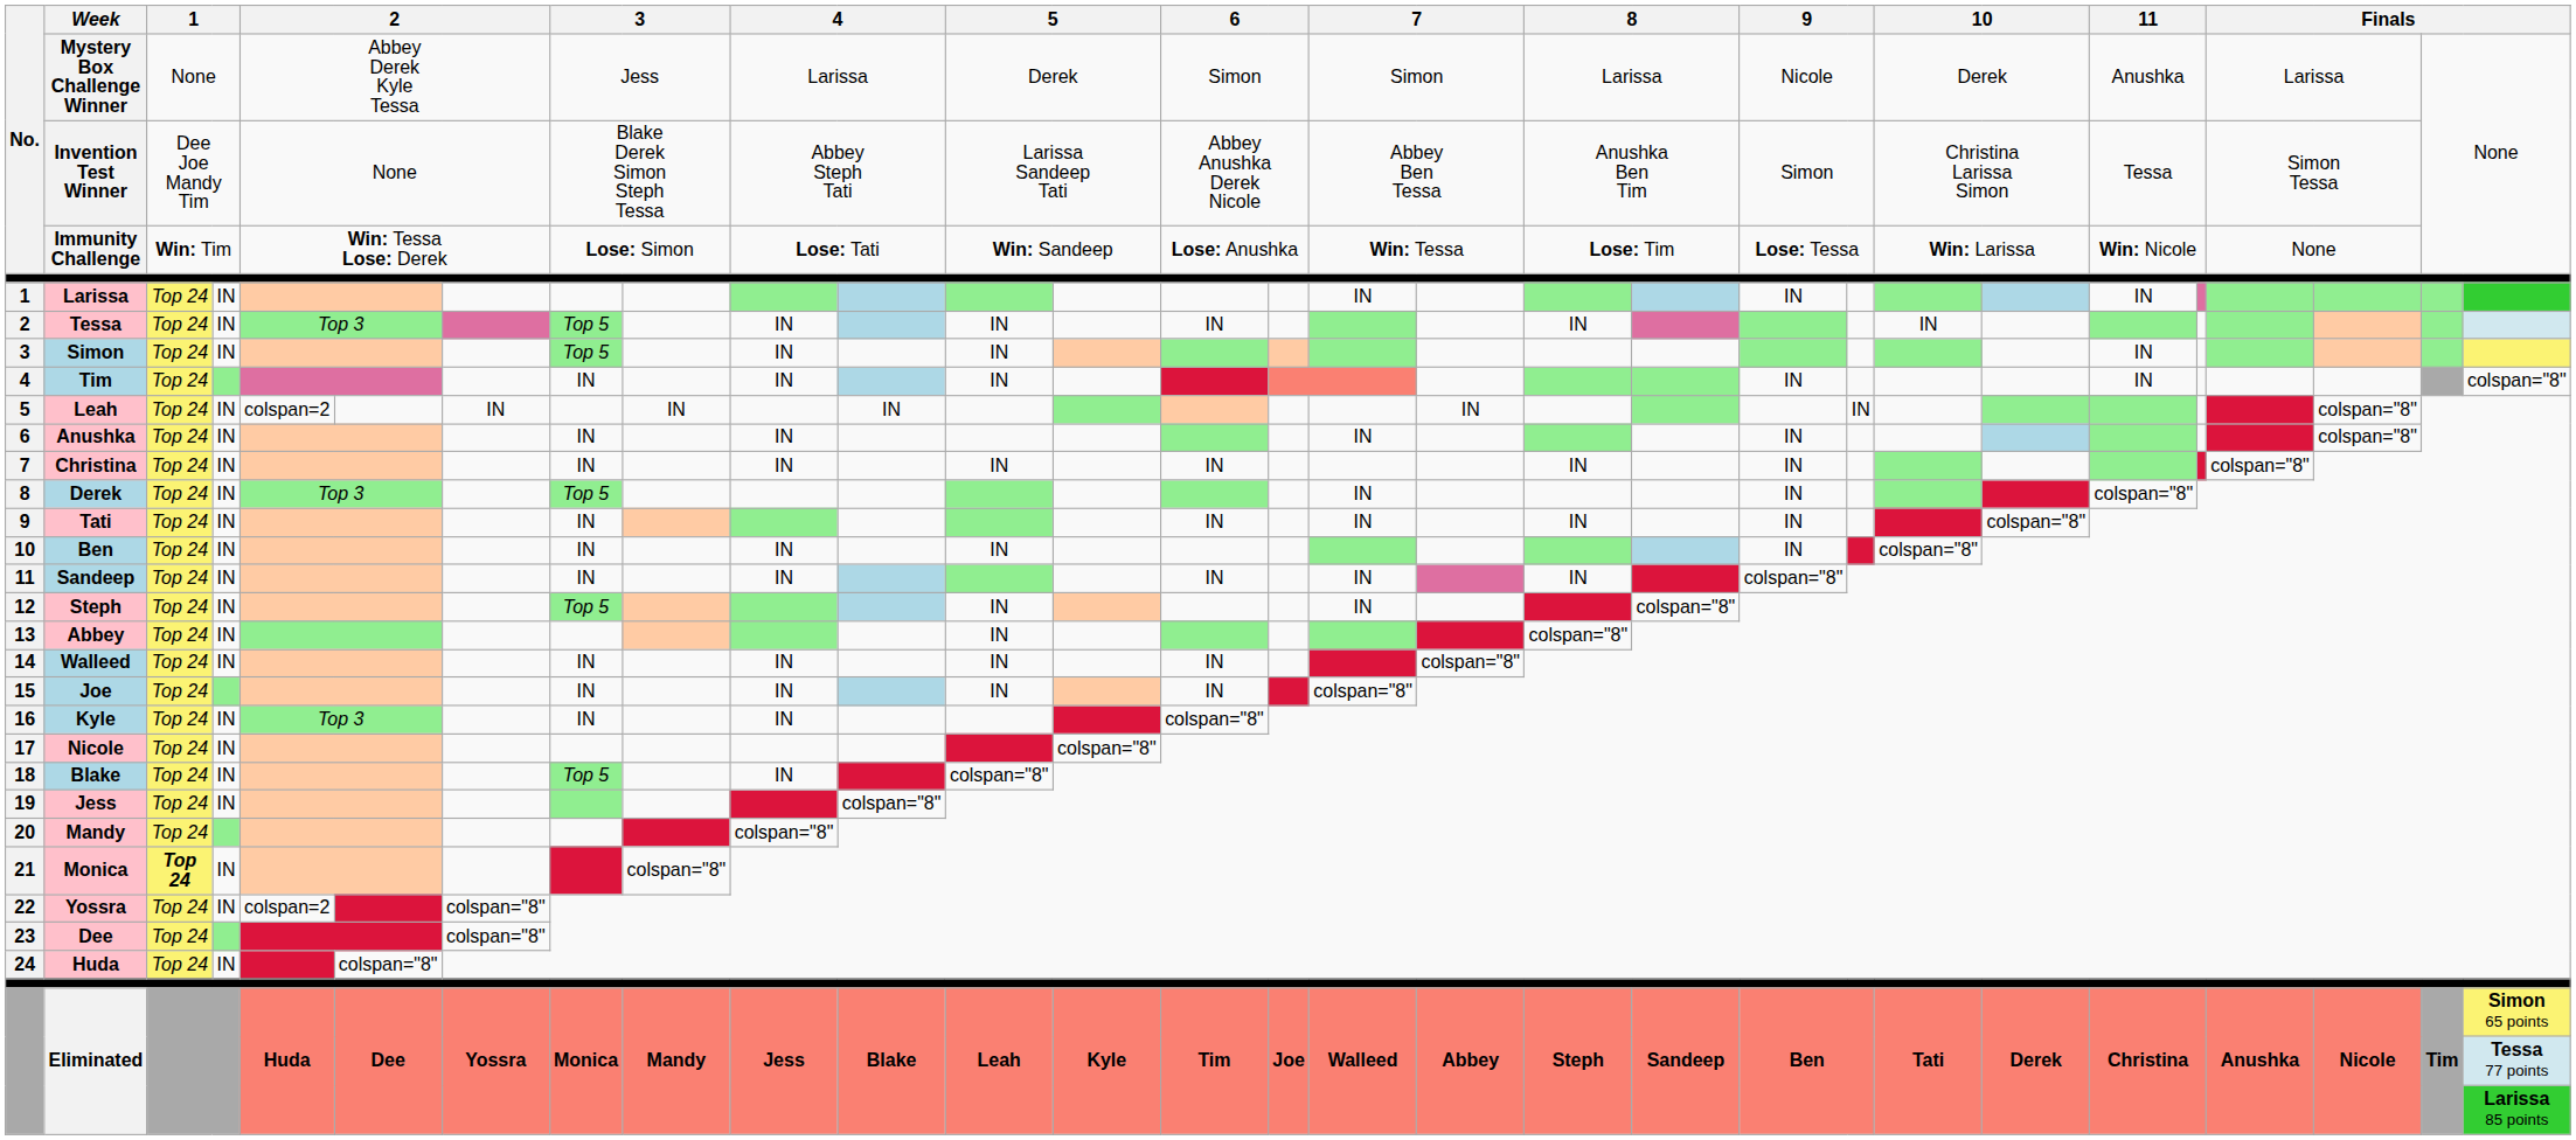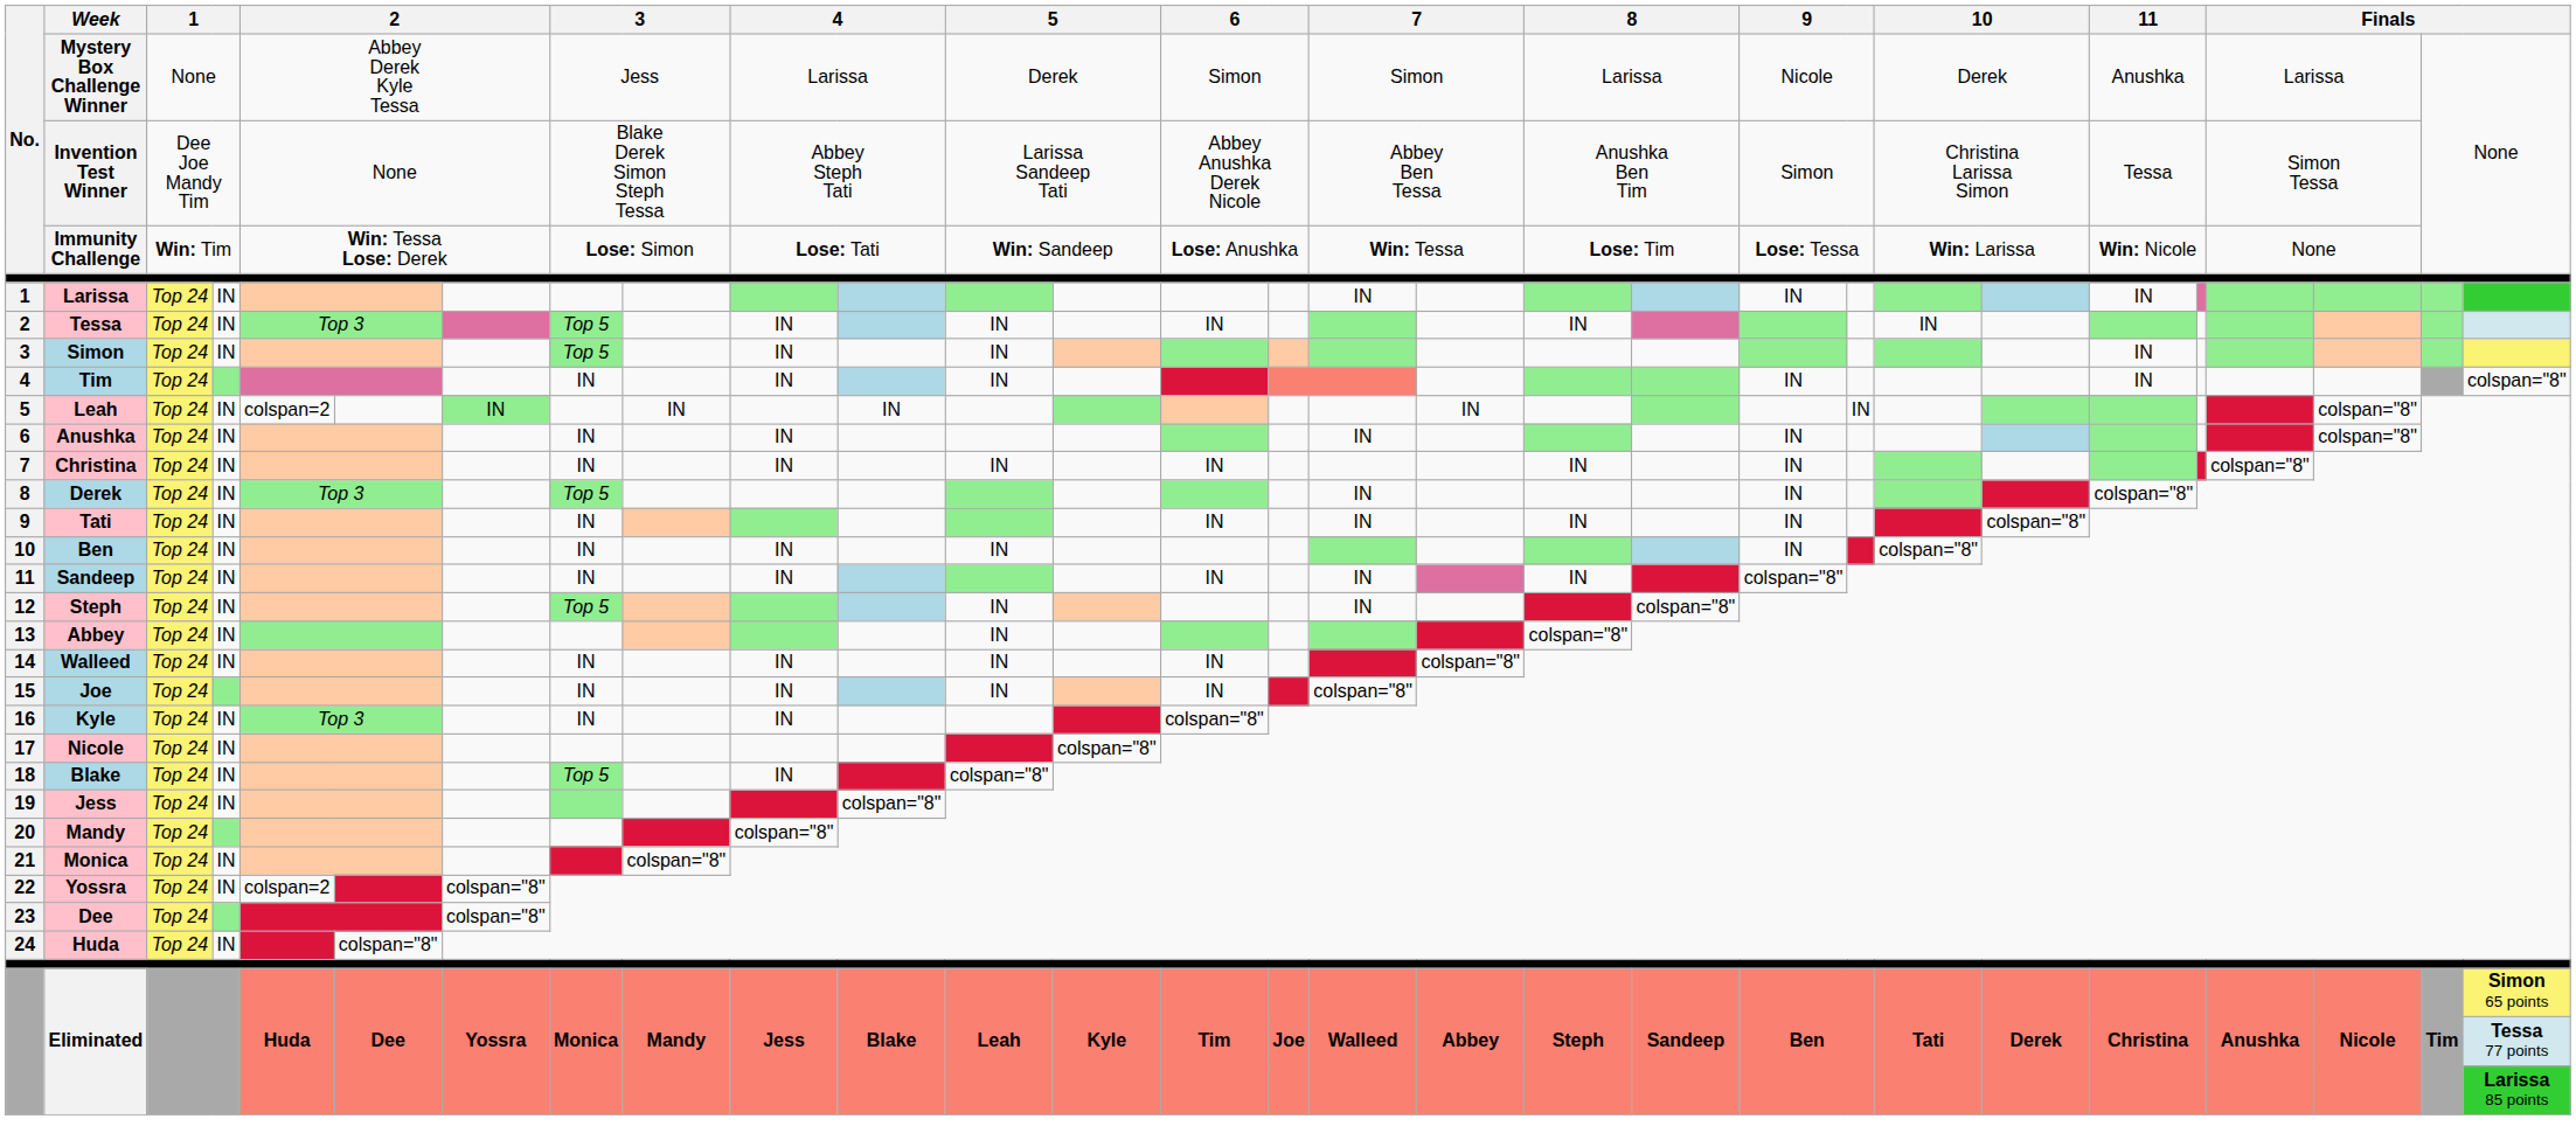 <table class="wikitable" style="text-align:center; width:120px; font-size:90%; line-height:15px">
 <tr>
 <th rowspan="4">No.</th>
 <th><em>Week</em></th>
 <th colspan=2>1</th>
 <th colspan=3>2</th>
 <th colspan=2>3</th>
 <th colspan=2>4</th>
 <th colspan=2>5</th>
 <th colspan=2>6</th>
 <th colspan=2>7</th>
 <th colspan=2>8</th>
 <th colspan=2>9</th>
 <th colspan=2>10</th>
 <th colspan=2>11</th>
 <th colspan="4">Finals</th>
 </tr>
 <tr>
 <th>Mystery<br>Box<br>Challenge<br>Winner</th>
 <td colspan=2>None</td>
 <td colspan=3>Abbey<br>Derek<br>Kyle<br>Tessa</td>
 <td colspan=2>Jess</td>
 <td colspan=2>Larissa</td>
 <td colspan=2>Derek</td>
 <td colspan=2>Simon</td>
 <td colspan=2>Simon</td>
 <td colspan=2>Larissa</td>
 <td colspan=2>Nicole</td>
 <td colspan=2>Derek</td>
 <td colspan=2>Anushka</td>
 <td colspan=2>Larissa</td>
 <td colspan="2" rowspan="3">None</td>
 </tr>
 <tr>
 <th>Invention<br>Test<br>Winner</th>
 <td colspan=2>Dee<br>Joe<br>Mandy<br>Tim</td>
 <td colspan=3>None</td>
 <td colspan=2>Blake<br>Derek<br>Simon<br>Steph<br>Tessa</td>
 <td colspan=2>Abbey<br>Steph<br>Tati</td>
 <td colspan=2>Larissa<br>Sandeep<br>Tati</td>
 <td colspan=2>Abbey<br>Anushka<br>Derek<br>Nicole</td>
 <td colspan=2>Abbey<br>Ben<br>Tessa</td>
 <td colspan=2>Anushka<br>Ben<br>Tim</td>
 <td colspan=2>Simon</td>
 <td colspan=2>Christina<br> Larissa <br>Simon</td>
 <td colspan=2>Tessa</td>
 <td colspan=2>Simon<br>Tessa</td>
 </tr>
 <tr>
 <th>Immunity<br>Challenge</th>
 <td colspan=2><strong>Win:</strong> Tim</td>
 <td colspan=3><strong>Win:</strong> Tessa<br><strong>Lose:</strong> Derek</td>
 <td colspan=2><strong>Lose:</strong> Simon</td>
 <td colspan=2><strong>Lose:</strong> Tati</td>
 <td colspan=2><strong>Win:</strong> Sandeep</td>
 <td colspan=2><strong>Lose:</strong> Anushka</td>
 <td colspan=2><strong>Win:</strong> Tessa</td>
 <td colspan=2><strong>Lose:</strong> Tim</td>
 <td colspan=2><strong>Lose:</strong> Tessa</td>
 <td colspan=2><strong>Win:</strong> Larissa</td>
 <td colspan=2><strong>Win:</strong> Nicole</td>
 <td colspan=2>None</td>
 </tr>
 <tr>
 <td style="background:black;" colspan="29"></td>
 </tr>
 <tr>
 <th>1</th>
 <th style="background:#FFC0CB;">Larissa</th>
 <td style="background:#fbf373;"><em>Top 24</em></td>
 <td>IN</td>
 <td colspan="2" style="background:#FFCBA4;"></td>
 <td></td>
 <td></td>
 <td></td>
 <td style="background:lightgreen;"></td>
 <td style="background:lightblue;"></td>
 <td style="background:lightgreen;"></td>
 <td></td>
 <td></td>
 <td></td>
 <td>IN</td>
 <td></td>
 <td style="background:lightgreen;"></td>
 <td style="background:lightblue;"></td>
 <td>IN</td>
 <td></td>
 <td style="background:lightgreen;"></td>
 <td style="background:lightblue;"></td>
 <td>IN</td>
 <td style="background:#de6fa1;"></td>
 <td style="background:lightgreen;"></td>
 <td style="background:lightgreen;"></td>
 <td style="background:lightgreen;"></td>
 <td style="background:limegreen;"></td>
 </tr>
 <tr>
 <th>2</th>
 <th style="background:#FFC0CB;">Tessa</th>
 <td nowrap="" style="background:#fbf373;"><em>Top 24</em></td>
 <td>IN</td>
 <td colspan="2" style="background:lightgreen;"><em>Top 3</em></td>
 <td style="background:#de6fa1;"></td>
 <td style="background:lightgreen;"><em>Top 5</em></td>
 <td></td>
 <td>IN</td>
 <td style="background:lightblue;"></td>
 <td>IN</td>
 <td></td>
 <td>IN</td>
 <td></td>
 <td style="background:lightgreen;"></td>
 <td></td>
 <td>IN</td>
 <td style="background:#de6fa1;"></td>
 <td style="background:lightgreen;"></td>
 <td></td>
 <td>IN</td>
 <td></td>
 <td style="background:lightgreen;"></td>
 <td></td>
 <td style="background:lightgreen;"></td>
 <td style="background:#FFCBA4;"></td>
 <td style="background:lightgreen;"></td>
 <td style="background:#d1e8ef;"></td>
 </tr>
 <tr>
 <th>3</th>
 <th style="background:#ADD8E6;">Simon</th>
 <td nowrap="" style="background:#fbf373;"><em>Top 24</em></td>
 <td>IN</td>
 <td colspan="2" style="background:#FFCBA4;"></td>
 <td></td>
 <td style="background:lightgreen;"><em>Top 5</em></td>
 <td></td>
 <td>IN</td>
 <td></td>
 <td>IN</td>
 <td style="background:#FFCBA4;"></td>
 <td style="background:lightgreen;"></td>
 <td style="background:#FFCBA4;"></td>
 <td style="background:lightgreen;"></td>
 <td></td>
 <td></td>
 <td></td>
 <td style="background:lightgreen;"></td>
 <td></td>
 <td style="background:lightgreen;"></td>
 <td></td>
 <td>IN</td>
 <td></td>
 <td style="background:lightgreen;"></td>
 <td style="background:#FFCBA4;"></td>
 <td style="background:lightgreen;"></td>
 <td style="background:#fbf373;"></td>
 </tr>
 <tr>
 <th>4</th>
 <th style="background:#ADD8E6;">Tim</th>
 <td nowrap="" style="background:#fbf373;"><em>Top 24</em></td>
 <td style="background:lightgreen;"></td>
 <td colspan="2" style="background:#de6fa1;"></td>
 <td></td>
 <td>IN</td>
 <td></td>
 <td>IN</td>
 <td style="background:lightblue;"></td>
 <td>IN</td>
 <td></td>
 <td style="background:crimson;"></td>
 <td bgcolor="#fa8072" colspan="2"></td>
 <td></td>
 <td style="background:lightgreen;"></td>
 <td style="background:lightgreen;"></td>
 <td>IN</td>
 <td></td>
 <td></td>
 <td></td>
 <td>IN</td>
 <td></td>
 <td></td>
 <td></td>
 <td style="background:darkgray;"></td>
 <td>colspan="8" </td>
 </tr>
 <tr>
 <th>5</th>
 <th style="background:#FFC0CB;">Leah</th>
 <td nowrap="" style="background:#fbf373;"><em>Top 24</em></td>
 <td>IN</td>
 <td>colspan=2 </td>
 <td></td>
-<td>IN</td>
+<td style="background: lightgreen;">IN</td>
 <td></td>
 <td>IN</td>
 <td></td>
 <td>IN</td>
 <td></td>
 <td style="background:lightgreen;"></td>
 <td style="background:#FFCBA4;"></td>
 <td></td>
 <td></td>
 <td>IN</td>
 <td></td>
 <td style="background:lightgreen;"></td>
 <td></td>
 <td>IN</td>
 <td></td>
 <td style="background:lightgreen;"></td>
 <td style="background:lightgreen;"></td>
 <td></td>
 <td style="background:crimson;"></td>
 <td>colspan="8" </td>
 </tr>
 <tr>
 <th>6</th>
 <th style="background:#FFC0CB;">Anushka</th>
 <td nowrap style="background:#fbf373;"><em>Top 24</em></td>
 <td>IN</td>
 <td colspan=2 style="background:#FFCBA4;"></td>
 <td></td>
 <td>IN</td>
 <td></td>
 <td>IN</td>
 <td></td>
 <td></td>
 <td></td>
 <td style="background:lightgreen;"></td>
 <td></td>
 <td>IN</td>
 <td></td>
 <td style="background:lightgreen;"></td>
 <td></td>
 <td>IN</td>
 <td></td>
 <td></td>
 <td style="background:lightblue;"></td>
 <td style="background:lightgreen;"></td>
 <td></td>
 <td style="background:crimson;"></td>
 <td>colspan="8" </td>
 </tr>
 <tr>
 <th>7</th>
 <th style="background:#FFC0CB;">Christina</th>
 <td style="background:#fbf373;"><em>Top 24</em></td>
 <td>IN</td>
 <td colspan=2 style="background:#FFCBA4;"></td>
 <td></td>
 <td>IN</td>
 <td></td>
 <td>IN</td>
 <td></td>
 <td>IN</td>
 <td></td>
 <td>IN</td>
 <td></td>
 <td></td>
 <td></td>
 <td>IN</td>
 <td></td>
 <td>IN</td>
 <td></td>
 <td style="background:lightgreen;"></td>
 <td></td>
 <td style="background:lightgreen;"></td>
 <td style="background:crimson;"></td>
 <td>colspan="8" </td>
 </tr>
 <tr>
 <th>8</th>
 <th style="background:#ADD8E6;">Derek</th>
 <td style="background:#fbf373;"><em>Top 24</em></td>
 <td>IN</td>
 <td colspan=2 style="background:lightgreen;"><em>Top 3</em></td>
 <td></td>
 <td style="background:lightgreen;"><em>Top 5</em></td>
 <td></td>
 <td></td>
 <td></td>
 <td style="background:lightgreen;"></td>
 <td></td>
 <td style="background:lightgreen;"></td>
 <td></td>
 <td>IN</td>
 <td></td>
 <td></td>
 <td></td>
 <td>IN</td>
 <td></td>
 <td style="background:lightgreen;"></td>
 <td style="background:crimson;"></td>
 <td>colspan="8" </td>
 </tr>
 <tr>
 <th>9</th>
 <th style="background:#FFC0CB;">Tati</th>
 <td style="background:#fbf373;"><em>Top 24</em></td>
 <td>IN</td>
 <td colspan="2" style="background:#FFCBA4;"></td>
 <td></td>
 <td>IN</td>
 <td style="background:#FFCBA4;"></td>
 <td style="background:lightgreen;"></td>
 <td></td>
 <td style="background:lightgreen;"></td>
 <td></td>
 <td>IN</td>
 <td></td>
 <td>IN</td>
 <td></td>
 <td>IN</td>
 <td></td>
 <td>IN</td>
 <td></td>
 <td style="background:crimson;"></td>
 <td>colspan="8" </td>
 </tr>
 <tr>
 <th>10</th>
 <th style="background:#ADD8E6;">Ben</th>
 <td nowrap style="background:#fbf373;"><em>Top 24</em></td>
 <td>IN</td>
 <td colspan=2 style="background:#FFCBA4;"></td>
 <td></td>
 <td>IN</td>
 <td></td>
 <td>IN</td>
 <td></td>
 <td>IN</td>
 <td></td>
 <td></td>
 <td></td>
 <td style="background:lightgreen;"></td>
 <td></td>
 <td style="background:lightgreen;"></td>
 <td style="background:lightblue;"></td>
 <td>IN</td>
 <td style="background:crimson;"></td>
 <td>colspan="8" </td>
 </tr>
 <tr>
 <th>11</th>
 <th style="background:#ADD8E6;">Sandeep</th>
 <td style="background:#fbf373;"><em>Top 24</em></td>
 <td>IN</td>
 <td colspan=2 style="background:#FFCBA4;"></td>
 <td></td>
 <td>IN</td>
 <td></td>
 <td>IN</td>
 <td style="background:lightblue;"></td>
 <td style="background:lightgreen;"></td>
 <td></td>
 <td>IN</td>
 <td></td>
 <td>IN</td>
 <td style="background:#de6fa1;"></td>
 <td>IN</td>
 <td style="background:crimson;"></td>
 <td>colspan="8" </td>
 </tr>
 <tr>
 <th>12</th>
 <th style="background:#FFC0CB;">Steph</th>
 <td style="background:#fbf373;"><em>Top 24</em></td>
 <td>IN</td>
 <td colspan=2 style="background:#FFCBA4;"></td>
 <td></td>
 <td style="background:lightgreen;"><em>Top 5</em></td>
 <td style="background:#FFCBA4;"></td>
 <td style="background:lightgreen;"></td>
 <td style="background:lightblue;"></td>
 <td>IN</td>
 <td style="background:#FFCBA4;"></td>
 <td></td>
 <td></td>
 <td>IN</td>
 <td></td>
 <td style="background:crimson;"></td>
 <td>colspan="8" </td>
 </tr>
 <tr>
 <th>13</th>
 <td style="background:#FFC0CB;"><strong>Abbey</strong></td>
 <td style="background:#fbf373;"><em>Top 24</em></td>
 <td>IN</td>
 <td colspan=2 style="background:lightgreen;"></td>
 <td></td>
 <td></td>
 <td style="background:#FFCBA4;"></td>
 <td style="background:lightgreen;"></td>
 <td></td>
 <td>IN</td>
 <td></td>
 <td style="background:lightgreen;"></td>
 <td></td>
 <td style="background:lightgreen;"></td>
 <td style="background:crimson;"></td>
 <td>colspan="8" </td>
 </tr>
 <tr>
 <th>14</th>
 <th style="background:#ADD8E6;">Walleed</th>
 <td nowrap="" style="background:#fbf373;"><em>Top 24</em></td>
 <td>IN</td>
 <td colspan="2" style="background:#FFCBA4;"></td>
 <td></td>
 <td>IN</td>
 <td></td>
 <td>IN</td>
 <td></td>
 <td>IN</td>
 <td></td>
 <td>IN</td>
 <td></td>
 <td style="background:crimson;"></td>
 <td>colspan="8" </td>
 </tr>
 <tr>
 <th>15</th>
 <th style="background:#ADD8E6;">Joe</th>
 <td style="background:#fbf373;"><em>Top 24</em></td>
 <td style="background:lightgreen;"></td>
 <td colspan=2 style="background:#FFCBA4;"></td>
 <td></td>
 <td>IN</td>
 <td></td>
 <td>IN</td>
 <td style="background:lightblue;"></td>
 <td>IN</td>
 <td style="background:#FFCBA4;"></td>
 <td>IN</td>
 <td style="background:crimson;"></td>
 <td>colspan="8" </td>
 </tr>
 <tr>
 <th>16</th>
 <th style="background:#ADD8E6;">Kyle</th>
 <td style="background:#fbf373;"><em>Top 24</em></td>
 <td>IN</td>
 <td colspan=2 style="background:lightgreen;"><em>Top 3</em></td>
 <td></td>
 <td>IN</td>
 <td></td>
 <td>IN</td>
 <td></td>
 <td></td>
 <td style="background:crimson;"></td>
 <td>colspan="8" </td>
 </tr>
 <tr>
 <th>17</th>
 <th style="background:#FFC0CB;">Nicole</th>
 <td style="background:#fbf373;"><em>Top 24</em></td>
 <td>IN</td>
 <td colspan=2 style="background:#FFCBA4;"></td>
 <td></td>
 <td></td>
 <td></td>
 <td></td>
 <td></td>
 <td style="background:crimson;"></td>
 <td>colspan="8" </td>
 </tr>
 <tr>
 <th>18</th>
 <th style="background:#ADD8E6;">Blake</th>
 <td nowrap style="background:#fbf373;"><em>Top 24</em></td>
 <td>IN</td>
 <td colspan=2 style="background:#FFCBA4;"></td>
 <td></td>
 <td style="background:lightgreen;"><em>Top 5</em></td>
 <td></td>
 <td>IN</td>
 <td style="background:crimson;"></td>
 <td>colspan="8" </td>
 </tr>
 <tr>
 <th>19</th>
 <th style="background:#FFC0CB;">Jess</th>
 <td style="background:#fbf373;"><em>Top 24</em></td>
 <td>IN</td>
 <td colspan=2 style="background:#FFCBA4;"></td>
 <td></td>
 <td style="background:lightgreen;"></td>
 <td></td>
 <td style="background:crimson;"></td>
 <td>colspan="8" </td>
 </tr>
 <tr>
 <th>20</th>
 <th style="background:#FFC0CB;">Mandy</th>
 <td nowrap style="background:#fbf373;"><em>Top 24</em></td>
 <td style="background:lightgreen;"></td>
 <td colspan=2 style="background:#FFCBA4;"></td>
 <td></td>
 <td></td>
 <td style="background:crimson;"></td>
 <td>colspan="8" </td>
 </tr>
 <tr>
 <th>21</th>
 <th style="background:#FFC0CB;">Monica</th>
-<td style="background:#fbf373;"><strong><em>Top 24</em></strong></td>
+<td style="background:#fbf373;"><em>Top 24</em></td>
 <td>IN</td>
 <td colspan=2 style="background:#FFCBA4;"></td>
 <td></td>
 <td style="background:crimson;"></td>
 <td>colspan="8" </td>
 </tr>
 <tr>
 <th>22</th>
 <th style="background:#FFC0CB;">Yossra</th>
 <td style="background:#fbf373;"><em>Top 24</em></td>
 <td>IN</td>
 <td>colspan=2 </td>
 <td style="background:crimson;"></td>
 <td>colspan="8" </td>
 </tr>
 <tr>
 <th>23</th>
 <th style="background:#FFC0CB;">Dee</th>
 <td style="background:#fbf373;"><em>Top 24</em></td>
 <td style="background:lightgreen;"></td>
 <td colspan=2 style="background:crimson;"></td>
 <td>colspan="8" </td>
 </tr>
 <tr>
 <th>24</th>
 <th style="background:#FFC0CB;">Huda</th>
 <td style="background:#fbf373;"><em>Top 24</em></td>
 <td>IN</td>
 <td style="background:crimson;"></td>
 <td>colspan="8" </td>
 </tr>
 <tr>
 <td style="background:black;" colspan="29"></td>
 </tr>
 <tr>
 <td rowspan="3" colspan="1" style="background:darkgray;"></td>
 <th rowspan="3">Eliminated</th>
 <td rowspan="3" colspan="2" style="background:darkgray;"></td>
 <td rowspan="3" style="background:salmon;"><strong>Huda</strong></td>
 <td rowspan="3" style="background:salmon;"><strong>Dee</strong></td>
 <td rowspan="3" style="background:salmon;"><strong>Yossra</strong></td>
 <td rowspan="3" style="background:salmon;"><strong>Monica</strong></td>
 <td rowspan="3" style="background:salmon;"><strong>Mandy</strong></td>
 <td rowspan="3" style="background:salmon;"><strong>Jess</strong></td>
 <td rowspan="3" style="background:salmon;"><strong>Blake</strong></td>
 <td rowspan="3" style="background:salmon;"><strong>Leah</strong></td>
 <td rowspan="3" style="background:salmon;"><strong>Kyle</strong></td>
 <td rowspan="3" style="background:salmon;"><strong>Tim</strong><br></td>
 <td rowspan="3" style="background:salmon;"><strong>Joe</strong></td>
 <td rowspan="3" style="background:salmon;"><strong>Walleed</strong></td>
 <td rowspan="3" style="background:salmon;"><strong>Abbey</strong></td>
 <td rowspan="3" style="background:salmon;"><strong>Steph</strong></td>
 <td rowspan="3" style="background:salmon;"><strong>Sandeep</strong></td>
 <td rowspan="3" colspan="2" style="background:salmon;"><strong>Ben</strong></td>
 <td rowspan="3" style="background:salmon;"><strong>Tati</strong></td>
 <td rowspan="3" style="background:salmon;"><strong>Derek</strong></td>
 <td rowspan="3" colspan="2" style="background:salmon;"><strong>Christina</strong></td>
 <td rowspan="3" style="background:salmon;"><strong>Anushka</strong></td>
 <td rowspan="3" style="background:salmon;"><strong>Nicole</strong></td>
 <td rowspan="3"style="background:darkgray;"><strong>Tim</strong><br></td>
 <td style="background:#fbf373;"><strong>Simon</strong><br><small> 65 points</small></td>
 </tr>
 <tr>
 <td style="background:#d1e8ef;"><strong>Tessa</strong><br><small> 77 points</small></td>
 </tr>
 <tr>
 <td style="background:limegreen;"><strong>Larissa</strong><br><small> 85 points</small></td>
 </tr>
 </table>
